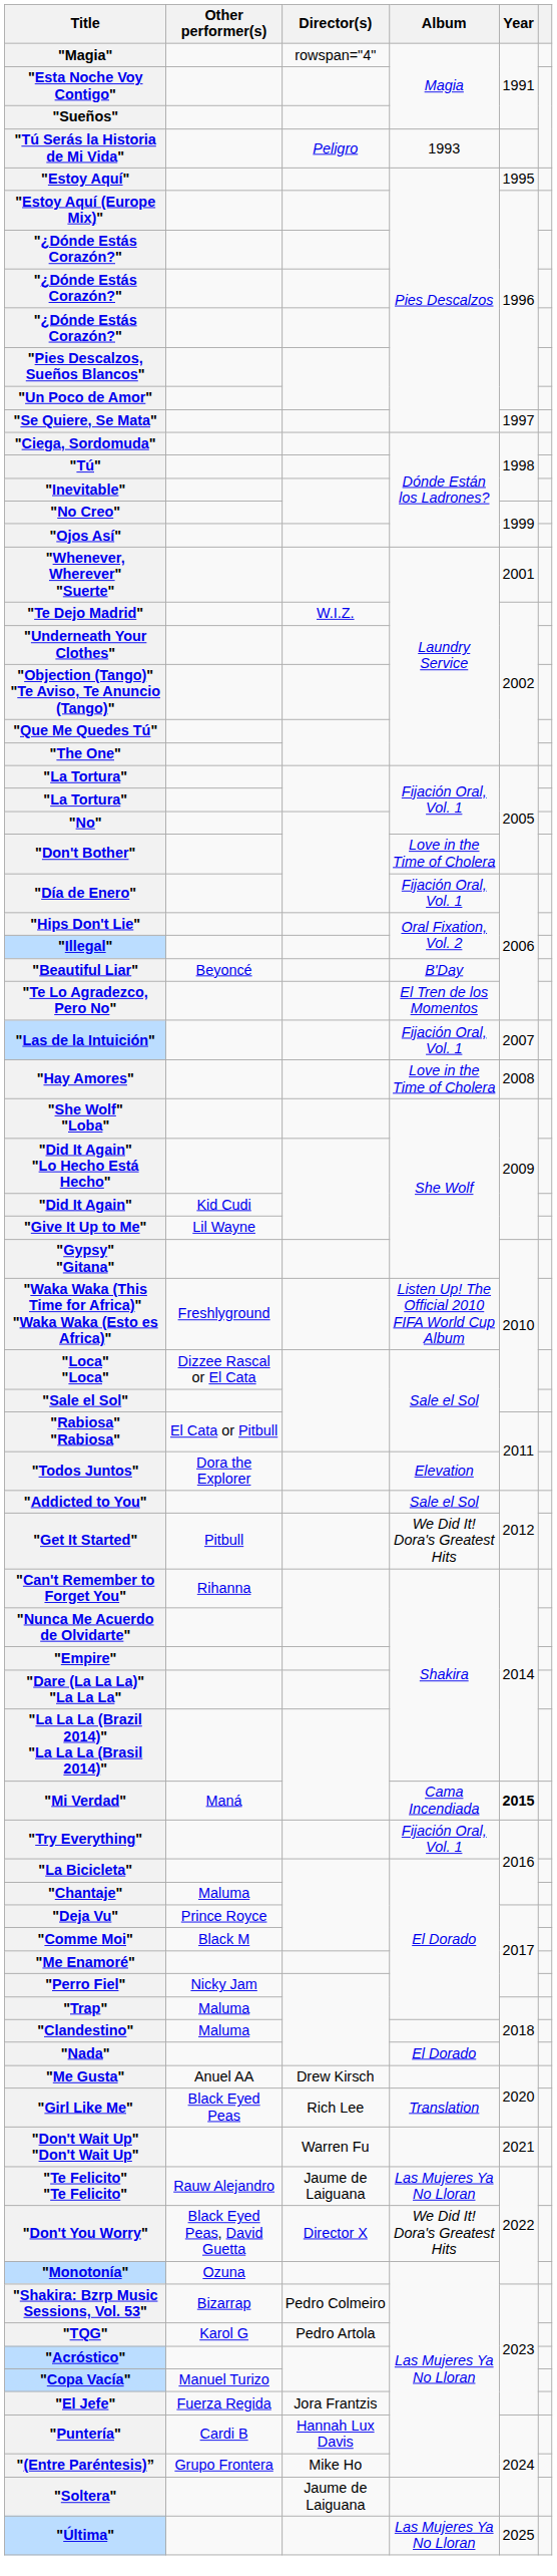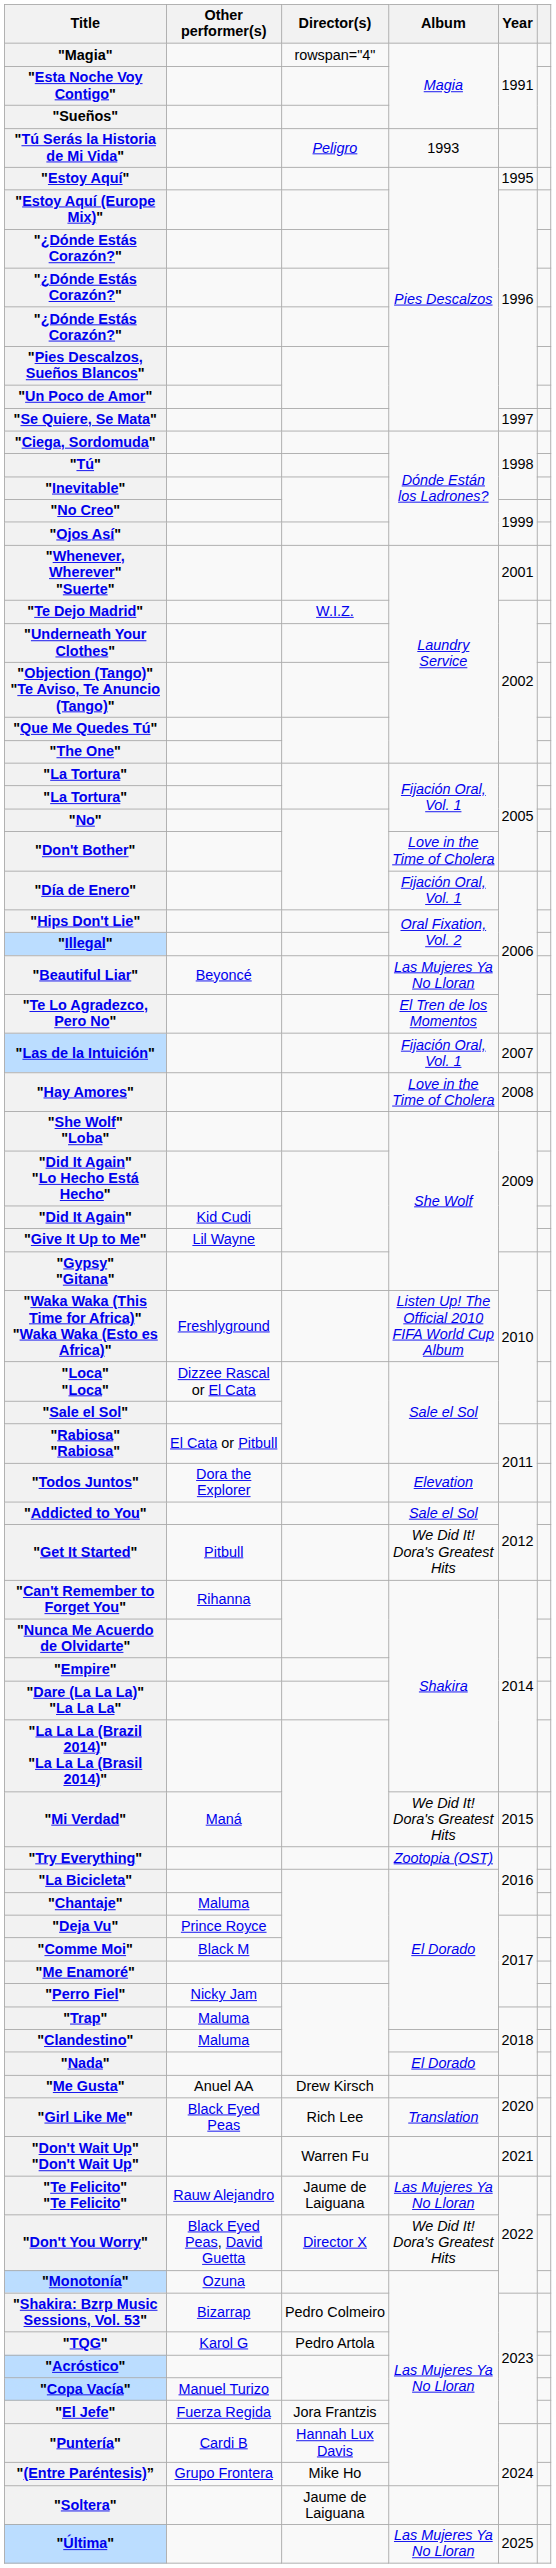 <table class="wikitable sortable plainrowheaders" style="text-align: center;">
 <tr>
 <th scope="col" style="width: 23em;">Title</th>
 <th scope="col" style="width: 11em;">Other performer(s)</th>
 <th scope="col" style="width: 11em;">Director(s)</th>
 <th scope="col" style="width: 14em;">Album</th>
 <th scope="col" style="width: 2em;">Year</th>
 <th scope="col" style="width: 2em;" class="unsortable"></th>
 </tr>
 <tr>
 <th scope="row">"Magia"</th>
 <td></td>
 <td>rowspan="4" </td>
 <td rowspan="3"><em><a href='#'>Magia</a></em></td>
 <td rowspan="3">1991</td>
 <td></td>
 </tr>
 <tr>
 <th scope="row">"<a href='#'>Esta Noche Voy Contigo</a>"</th>
 <td></td>
 <td></td>
 </tr>
 <tr>
 <th scope="row">"Sueños"</th>
 <td></td>
 <td></td>
 </tr>
 <tr>
 <th scope="row">"<a href='#'>Tú Serás la Historia de Mi Vida</a>"</th>
 <td></td>
 <td><em><a href='#'>Peligro</a></em></td>
 <td>1993</td>
 <td></td>
 </tr>
 <tr>
 <th scope="row">"<a href='#'>Estoy Aquí</a>"</th>
 <td></td>
 <td></td>
 <td rowspan="8"><em><a href='#'>Pies Descalzos</a></em></td>
 <td>1995</td>
 <td></td>
 </tr>
 <tr>
 <th scope="row">"<a href='#'>Estoy Aquí (Europe Mix)</a>"</th>
 <td></td>
 <td></td>
 <td rowspan="6">1996</td>
 <td></td>
 </tr>
 <tr>
 <th scope="row">"<a href='#'>¿Dónde Estás Corazón?</a>"</th>
 <td></td>
 <td></td>
 <td></td>
 </tr>
 <tr>
 <th scope="row">"<a href='#'>¿Dónde Estás Corazón?</a>" </th>
 <td></td>
 <td></td>
 <td></td>
 </tr>
 <tr>
 <th scope="row">"<a href='#'>¿Dónde Estás Corazón?</a>" </th>
 <td></td>
 <td></td>
 <td></td>
 </tr>
 <tr>
 <th scope="row">"<a href='#'>Pies Descalzos, Sueños Blancos</a>"</th>
 <td></td>
 <td rowspan="2"></td>
 <td></td>
 </tr>
 <tr>
 <th scope="row">"<a href='#'>Un Poco de Amor</a>"</th>
 <td></td>
 <td></td>
 </tr>
 <tr>
 <th scope="row">"<a href='#'>Se Quiere, Se Mata</a>"</th>
 <td></td>
 <td></td>
 <td>1997</td>
 <td></td>
 </tr>
 <tr>
 <th scope="row">"<a href='#'>Ciega, Sordomuda</a>"</th>
 <td></td>
 <td></td>
 <td rowspan="5"><em><a href='#'>Dónde Están los Ladrones?</a></em></td>
 <td rowspan="3">1998</td>
 <td></td>
 </tr>
 <tr>
 <th scope="row">"<a href='#'>Tú</a>"</th>
 <td></td>
 <td></td>
 <td></td>
 </tr>
 <tr>
 <th scope="row">"<a href='#'>Inevitable</a>"</th>
 <td></td>
 <td rowspan="2"></td>
 <td></td>
 </tr>
 <tr>
 <th scope="row">"<a href='#'>No Creo</a>"</th>
 <td></td>
 <td rowspan="2">1999</td>
 <td></td>
 </tr>
 <tr>
 <th scope="row">"<a href='#'>Ojos Así</a>"</th>
 <td></td>
 <td></td>
 <td></td>
 </tr>
 <tr>
 <th scope="row">"<a href='#'>Whenever, Wherever</a>" <br> "<a href='#'>Suerte</a>" </th>
 <td></td>
 <td></td>
 <td rowspan="6"><em><a href='#'>Laundry Service</a></em></td>
 <td>2001</td>
 <td></td>
 </tr>
 <tr>
 <th scope="row">"<a href='#'>Te Dejo Madrid</a>"</th>
 <td></td>
 <td><a href='#'>W.I.Z.</a></td>
 <td rowspan="5">2002</td>
 <td></td>
 </tr>
 <tr>
 <th scope="row">"<a href='#'>Underneath Your Clothes</a>"</th>
 <td></td>
 <td></td>
 <td></td>
 </tr>
 <tr>
 <th scope="row">"<a href='#'>Objection (Tango)</a>" <br> "<a href='#'>Te Aviso, Te Anuncio (Tango)</a>" </th>
 <td></td>
 <td></td>
 <td></td>
 </tr>
 <tr>
 <th scope="row">"<a href='#'>Que Me Quedes Tú</a>"</th>
 <td></td>
 <td rowspan="2"></td>
 <td></td>
 </tr>
 <tr>
 <th scope="row">"<a href='#'>The One</a>"</th>
 <td></td>
 <td></td>
 </tr>
 <tr>
 <th scope="row">"<a href='#'>La Tortura</a>"</th>
 <td></td>
 <td rowspan="2"></td>
 <td rowspan="3"><em><a href='#'>Fijación Oral, Vol. 1</a></em></td>
 <td rowspan="4">2005</td>
 <td></td>
 </tr>
 <tr>
 <th scope="row">"<a href='#'>La Tortura</a>" </th>
 <td></td>
 <td></td>
 </tr>
 <tr>
 <th scope="row">"<a href='#'>No</a>"</th>
 <td></td>
 <td rowspan="3"></td>
 <td></td>
 </tr>
 <tr>
 <th scope="row">"<a href='#'>Don't Bother</a>"</th>
 <td></td>
 <td><em><a href='#'>Love in the Time of Cholera</a></em></td>
 <td></td>
 </tr>
 <tr>
 <th scope="row">"<a href='#'>Día de Enero</a>"</th>
 <td></td>
 <td><em><a href='#'>Fijación Oral, Vol. 1</a></em></td>
 <td rowspan="5">2006</td>
 <td></td>
 </tr>
 <tr>
 <th scope="row">"<a href='#'>Hips Don't Lie</a>"</th>
 <td></td>
 <td></td>
 <td rowspan="2"><em><a href='#'>Oral Fixation, Vol. 2</a></em></td>
 <td></td>
 </tr>
 <tr>
 <th style="background:#bdf;" scope="row">"<a href='#'>Illegal</a>"</th>
 <td></td>
 <td></td>
 <td></td>
 </tr>
 <tr>
 <th scope="row">"<a href='#'>Beautiful Liar</a>"</th>
 <td><a href='#'>Beyoncé</a></td>
 <td></td>
-<td><em><a href='#'>B'Day</a></em></td>
+<td><em><a href='#'>Las Mujeres Ya No Lloran</a></em></td>
 <td></td>
 </tr>
 <tr>
 <th scope="row">"<a href='#'>Te Lo Agradezco, Pero No</a>"</th>
 <td></td>
 <td></td>
 <td><em><a href='#'>El Tren de los Momentos</a></em></td>
 <td></td>
 </tr>
 <tr>
 <th style="background:#bdf;" scope="row">"<a href='#'>Las de la Intuición</a>"</th>
 <td></td>
 <td></td>
 <td><em><a href='#'>Fijación Oral, Vol. 1</a></em></td>
 <td>2007</td>
 <td></td>
 </tr>
 <tr>
 <th scope="row">"<a href='#'>Hay Amores</a>"</th>
 <td></td>
 <td></td>
 <td><em><a href='#'>Love in the Time of Cholera</a></em></td>
 <td>2008</td>
 <td></td>
 </tr>
 <tr>
 <th scope="row">"<a href='#'>She Wolf</a>" <br> "<a href='#'>Loba</a>" </th>
 <td></td>
 <td></td>
 <td rowspan="5"><em><a href='#'>She Wolf</a></em></td>
 <td rowspan="4">2009</td>
 <td></td>
 </tr>
 <tr>
 <th scope="row">"<a href='#'>Did It Again</a>" <br> "<a href='#'>Lo Hecho Está Hecho</a>" </th>
 <td></td>
 <td rowspan="3"></td>
 <td></td>
 </tr>
 <tr>
 <th scope="row">"<a href='#'>Did It Again</a>" </th>
 <td><a href='#'>Kid Cudi</a></td>
 <td></td>
 </tr>
 <tr>
 <th scope="row">"<a href='#'>Give It Up to Me</a>"</th>
 <td><a href='#'>Lil Wayne</a></td>
 <td></td>
 </tr>
 <tr>
 <th scope="row">"<a href='#'>Gypsy</a>" <br> "<a href='#'>Gitana</a>" </th>
 <td></td>
 <td></td>
 <td rowspan="4">2010</td>
 <td></td>
 </tr>
 <tr>
 <th scope="row">"<a href='#'>Waka Waka (This Time for Africa)</a>" <br> "<a href='#'>Waka Waka (Esto es Africa)</a>" </th>
 <td><a href='#'>Freshlyground</a></td>
 <td></td>
 <td><em><a href='#'>Listen Up! The Official 2010 FIFA World Cup Album</a></em></td>
 <td></td>
 </tr>
 <tr>
 <th scope="row">"<a href='#'>Loca</a>" <br> "<a href='#'>Loca</a>" </th>
 <td><a href='#'>Dizzee Rascal</a> or <a href='#'>El Cata</a></td>
 <td rowspan="3"></td>
 <td rowspan="3"><em><a href='#'>Sale el Sol</a></em></td>
 <td></td>
 </tr>
 <tr>
 <th scope="row">"<a href='#'>Sale el Sol</a>"</th>
 <td></td>
 <td></td>
 </tr>
 <tr>
 <th scope="row">"<a href='#'>Rabiosa</a>" <br> "<a href='#'>Rabiosa</a>" </th>
 <td><a href='#'>El Cata</a> or <a href='#'>Pitbull</a></td>
 <td rowspan="2">2011</td>
 <td></td>
 </tr>
 <tr>
 <th scope="row">"<a href='#'>Todos Juntos</a>"</th>
 <td><a href='#'>Dora the Explorer</a></td>
 <td></td>
 <td><a href='#'><em>Elevation</em></a></td>
 <td></td>
 </tr>
 <tr>
 <th scope="row">"<a href='#'>Addicted to You</a>"</th>
 <td></td>
 <td></td>
 <td><em><a href='#'>Sale el Sol</a></em></td>
 <td rowspan="2">2012</td>
 <td></td>
 </tr>
 <tr>
 <th scope="row">"<a href='#'>Get It Started</a>"</th>
 <td><a href='#'>Pitbull</a></td>
 <td></td>
 <td><em>We Did It! Dora's Greatest Hits</em></td>
 <td></td>
 </tr>
 <tr>
 <th scope="row">"<a href='#'>Can't Remember to Forget You</a>"</th>
 <td><a href='#'>Rihanna</a></td>
 <td rowspan="2"></td>
 <td rowspan="5"><em><a href='#'>Shakira</a></em></td>
 <td rowspan="5">2014</td>
 <td></td>
 </tr>
 <tr>
 <th scope="row">"<a href='#'>Nunca Me Acuerdo de Olvidarte</a>"</th>
 <td></td>
 <td></td>
 </tr>
 <tr>
 <th scope="row">"<a href='#'>Empire</a>"</th>
 <td></td>
 <td></td>
 <td></td>
 </tr>
 <tr>
 <th scope="row">"<a href='#'>Dare (La La La)</a>" <br> "<a href='#'>La La La</a>" </th>
 <td></td>
 <td></td>
 <td></td>
 </tr>
 <tr>
 <th scope="row">"<a href='#'>La La La (Brazil 2014)</a>" <br> "<a href='#'>La La La (Brasil 2014)</a>" </th>
 <td></td>
 <td rowspan="2"></td>
 <td></td>
 </tr>
 <tr>
 <th scope="row">"<a href='#'>Mi Verdad</a>"</th>
 <td><a href='#'>Maná</a></td>
-<td><em><a href='#'>Cama Incendiada</a></em></td>
-<td><strong>2015</strong></td>
+<td><em>We Did It! Dora's Greatest Hits</em></td>
+<td>2015</td>
 <td></td>
 </tr>
 <tr>
 <th scope="row">"<a href='#'>Try Everything</a>"</th>
 <td></td>
 <td></td>
-<td><em><a href='#'>Fijación Oral, Vol. 1</a></em></td>
+<td><em><a href='#'>Zootopia (OST)</a></em></td>
 <td rowspan="3">2016</td>
 <td></td>
 </tr>
 <tr>
 <th scope="row">"<a href='#'>La Bicicleta</a>"</th>
 <td></td>
 <td rowspan="4"></td>
 <td rowspan="7"><em><a href='#'>El Dorado</a></em></td>
 <td></td>
 </tr>
 <tr>
 <th scope="row">"<a href='#'>Chantaje</a>"</th>
 <td><a href='#'>Maluma</a></td>
 <td></td>
 </tr>
 <tr>
 <th scope="row">"<a href='#'>Deja Vu</a>"</th>
 <td><a href='#'>Prince Royce</a></td>
 <td rowspan="4">2017</td>
 <td></td>
 </tr>
 <tr>
 <th scope="row">"<a href='#'>Comme Moi</a>"</th>
 <td><a href='#'>Black M</a></td>
 <td></td>
 </tr>
 <tr>
 <th scope="row">"<a href='#'>Me Enamoré</a>"</th>
 <td></td>
 <td></td>
 <td></td>
 </tr>
 <tr>
 <th scope="row">"<a href='#'>Perro Fiel</a>"</th>
 <td><a href='#'>Nicky Jam</a></td>
 <td rowspan="4"></td>
 <td></td>
 </tr>
 <tr>
 <th scope="row">"<a href='#'>Trap</a>"</th>
 <td><a href='#'>Maluma</a></td>
 <td rowspan="3">2018</td>
 <td></td>
 </tr>
 <tr>
 <th scope="row">"<a href='#'>Clandestino</a>"</th>
 <td><a href='#'>Maluma</a></td>
 <td></td>
 <td></td>
 </tr>
 <tr>
 <th scope="row">"<a href='#'>Nada</a>"</th>
 <td></td>
 <td><em><a href='#'>El Dorado</a></em></td>
 <td></td>
 </tr>
 <tr>
 <th scope="row">"<a href='#'>Me Gusta</a>"</th>
 <td>Anuel AA</td>
 <td>Drew Kirsch</td>
 <td></td>
 <td rowspan="2">2020</td>
 <td></td>
 </tr>
 <tr>
 <th scope="row">"<a href='#'>Girl Like Me</a>"</th>
 <td><a href='#'>Black Eyed Peas</a></td>
 <td>Rich Lee</td>
 <td><a href='#'><em>Translation</em></a></td>
 <td></td>
 </tr>
 <tr>
 <th scope="row">"<a href='#'>Don't Wait Up</a>"<br>"<a href='#'>Don't Wait Up</a>" </th>
 <td></td>
 <td>Warren Fu</td>
 <td></td>
 <td>2021</td>
 <td></td>
 </tr>
 <tr>
 <th scope="row">"<a href='#'>Te Felicito</a>"<br>"<a href='#'>Te Felicito</a>" </th>
 <td><a href='#'>Rauw Alejandro</a></td>
 <td>Jaume de Laiguana</td>
 <td><em><a href='#'>Las Mujeres Ya No Lloran</a></em></td>
 <td rowspan="3">2022</td>
 <td></td>
 </tr>
 <tr>
 <th scope="row">"<a href='#'>Don't You Worry</a>"</th>
 <td><a href='#'>Black Eyed Peas</a>, <a href='#'>David Guetta</a></td>
 <td><a href='#'>Director X</a></td>
 <td><em>We Did It! Dora's Greatest Hits</em></td>
 <td></td>
 </tr>
 <tr>
 <th style="background:#bdf;" scope="row">"<a href='#'>Monotonía</a>"</th>
 <td><a href='#'>Ozuna</a></td>
 <td></td>
 <td rowspan="8"><em><a href='#'>Las Mujeres Ya No Lloran</a></em></td>
 <td></td>
 </tr>
 <tr>
 <th scope="row">"<a href='#'>Shakira: Bzrp Music Sessions, Vol. 53</a>"</th>
 <td><a href='#'>Bizarrap</a></td>
 <td>Pedro Colmeiro</td>
 <td rowspan="5">2023</td>
 <td></td>
 </tr>
 <tr>
 <th scope="row">"<a href='#'>TQG</a>"</th>
 <td><a href='#'>Karol G</a></td>
 <td>Pedro Artola</td>
 <td></td>
 </tr>
 <tr>
 <th style="background:#bdf;" scope="row">"<a href='#'>Acróstico</a>"</th>
 <td></td>
 <td rowspan="2"></td>
 <td></td>
 </tr>
 <tr>
 <th style="background:#bdf;" scope="row">"<a href='#'>Copa Vacía</a>"</th>
 <td><a href='#'>Manuel Turizo</a></td>
 <td></td>
 </tr>
 <tr>
 <th scope="row">"<a href='#'>El Jefe</a>"</th>
 <td><a href='#'>Fuerza Regida</a></td>
 <td>Jora Frantzis</td>
 <td></td>
 </tr>
 <tr>
 <th scope="row">"<a href='#'>Puntería</a>"</th>
 <td><a href='#'>Cardi B</a></td>
 <td><a href='#'>Hannah Lux Davis</a></td>
 <td rowspan="3">2024</td>
 <td></td>
 </tr>
 <tr>
 <th scope="row">"<a href='#'>(Entre Paréntesis)</a>”</th>
 <td><a href='#'>Grupo Frontera</a></td>
 <td>Mike Ho</td>
 <td></td>
 </tr>
 <tr>
 <th scope="row">"<a href='#'>Soltera</a>"</th>
 <td></td>
 <td>Jaume de Laiguana</td>
 <td></td>
 <td></td>
 </tr>
 <tr>
 <th style="background:#bdf;" scope="row">"<a href='#'>Última</a>"</th>
 <td></td>
 <td></td>
 <td><em><a href='#'>Las Mujeres Ya No Lloran</a></em></td>
 <td>2025</td>
 <td></td>
 </tr>
 </table>
